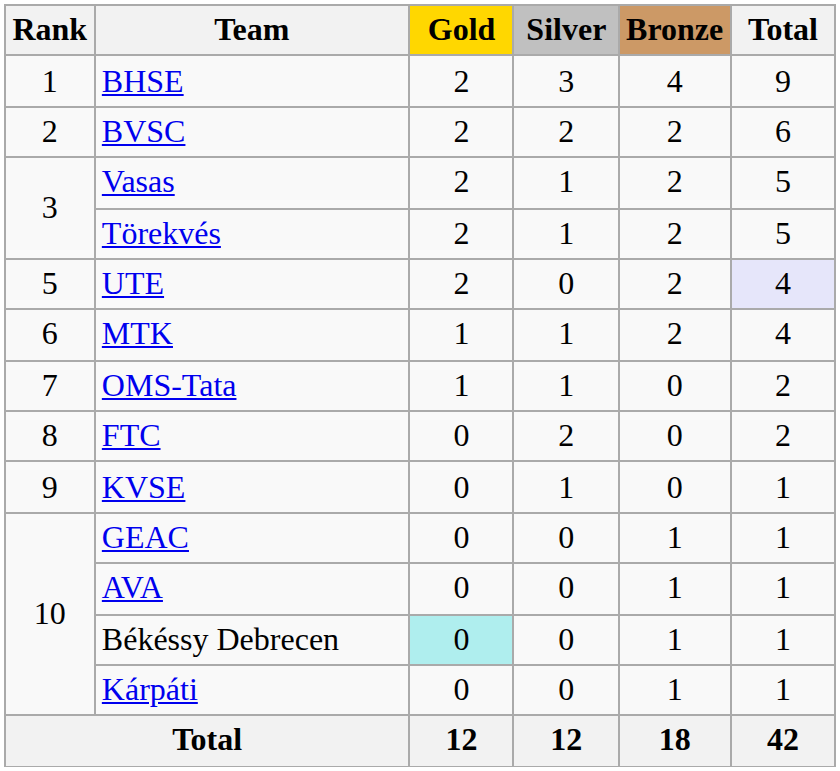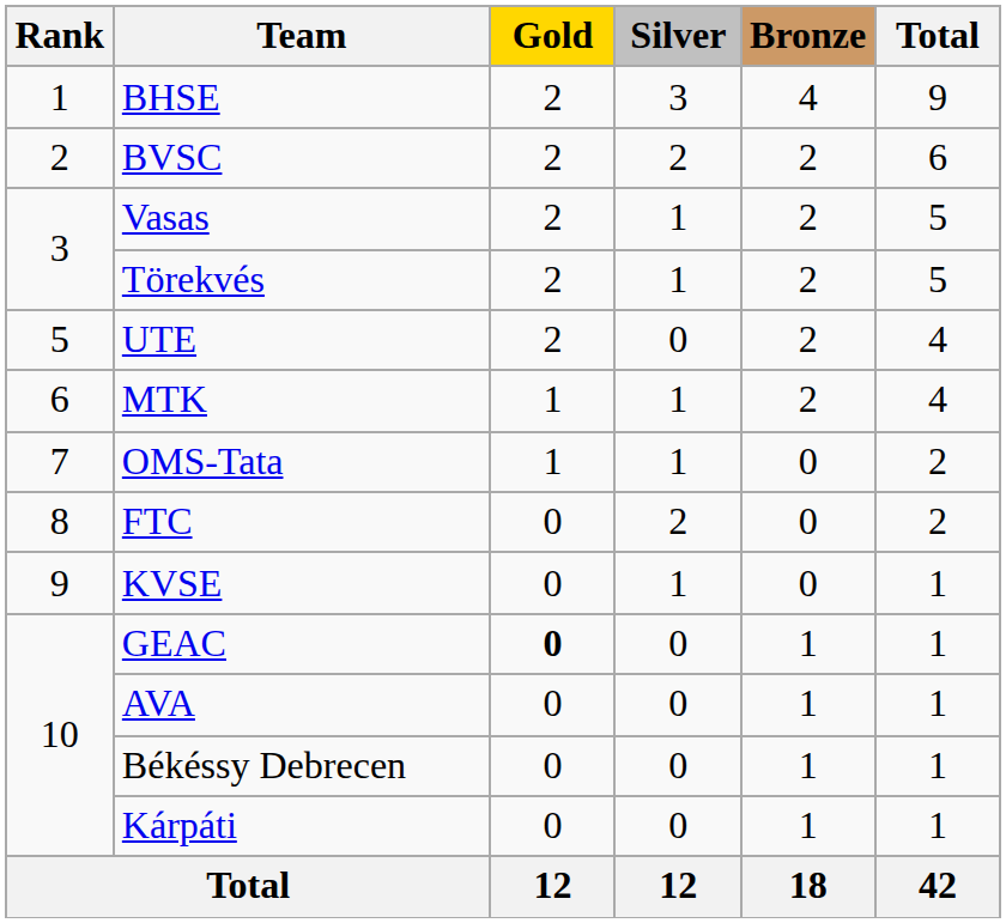 <table class="wikitable sortable" style="text-align:center">
 <tr>
 <th>Rank</th>
 <th width="150">Team</th>
 <th width=45; style="background-color:gold;">Gold</th>
 <th width=45; style="background-color:silver;">Silver</th>
 <th width=45; style="background-color:#cc9966;">Bronze</th>
 <th width="45">Total</th>
 </tr>
 <tr>
 <td>1</td>
 <td align=left> <a href='#'>BHSE</a></td>
 <td>2</td>
 <td>3</td>
 <td>4</td>
 <td>9</td>
 </tr>
 <tr>
 <td>2</td>
 <td align=left> <a href='#'>BVSC</a></td>
 <td>2</td>
 <td>2</td>
 <td>2</td>
 <td>6</td>
 </tr>
 <tr>
 <td rowspan="2">3</td>
 <td align=left> <a href='#'>Vasas</a></td>
 <td>2</td>
 <td>1</td>
 <td>2</td>
 <td>5</td>
 </tr>
 <tr>
 <td align=left> <a href='#'>Törekvés</a></td>
 <td>2</td>
 <td>1</td>
 <td>2</td>
 <td>5</td>
 </tr>
 <tr>
 <td>5</td>
 <td align=left> <a href='#'>UTE</a></td>
 <td>2</td>
 <td>0</td>
 <td>2</td>
-<td style="background: lavender;">4</td>
+<td>4</td>
 </tr>
 <tr>
 <td>6</td>
 <td align=left> <a href='#'>MTK</a></td>
 <td>1</td>
 <td>1</td>
 <td>2</td>
 <td>4</td>
 </tr>
 <tr>
 <td>7</td>
 <td align=left> <a href='#'>OMS-Tata</a></td>
 <td>1</td>
 <td>1</td>
 <td>0</td>
 <td>2</td>
 </tr>
 <tr>
 <td>8</td>
 <td align=left> <a href='#'>FTC</a></td>
 <td>0</td>
 <td>2</td>
 <td>0</td>
 <td>2</td>
 </tr>
 <tr>
 <td>9</td>
 <td align=left> <a href='#'>KVSE</a></td>
 <td>0</td>
 <td>1</td>
 <td>0</td>
 <td>1</td>
 </tr>
 <tr>
 <td rowspan="4">10</td>
 <td align=left> <a href='#'>GEAC</a></td>
-<td>0</td>
+<td><strong>0</strong></td>
 <td>0</td>
 <td>1</td>
 <td>1</td>
 </tr>
 <tr>
 <td align=left> <a href='#'>AVA</a></td>
 <td>0</td>
 <td>0</td>
 <td>1</td>
 <td>1</td>
 </tr>
 <tr>
 <td align=left> Békéssy Debrecen</td>
-<td style="background: paleturquoise;">0</td>
+<td>0</td>
 <td>0</td>
 <td>1</td>
 <td>1</td>
 </tr>
 <tr>
 <td align=left> <a href='#'>Kárpáti</a></td>
 <td>0</td>
 <td>0</td>
 <td>1</td>
 <td>1</td>
 </tr>
 <tr>
 <th colspan="2">Total</th>
 <th>12</th>
 <th>12</th>
 <th>18</th>
 <th>42</th>
 </tr>
 </table>
